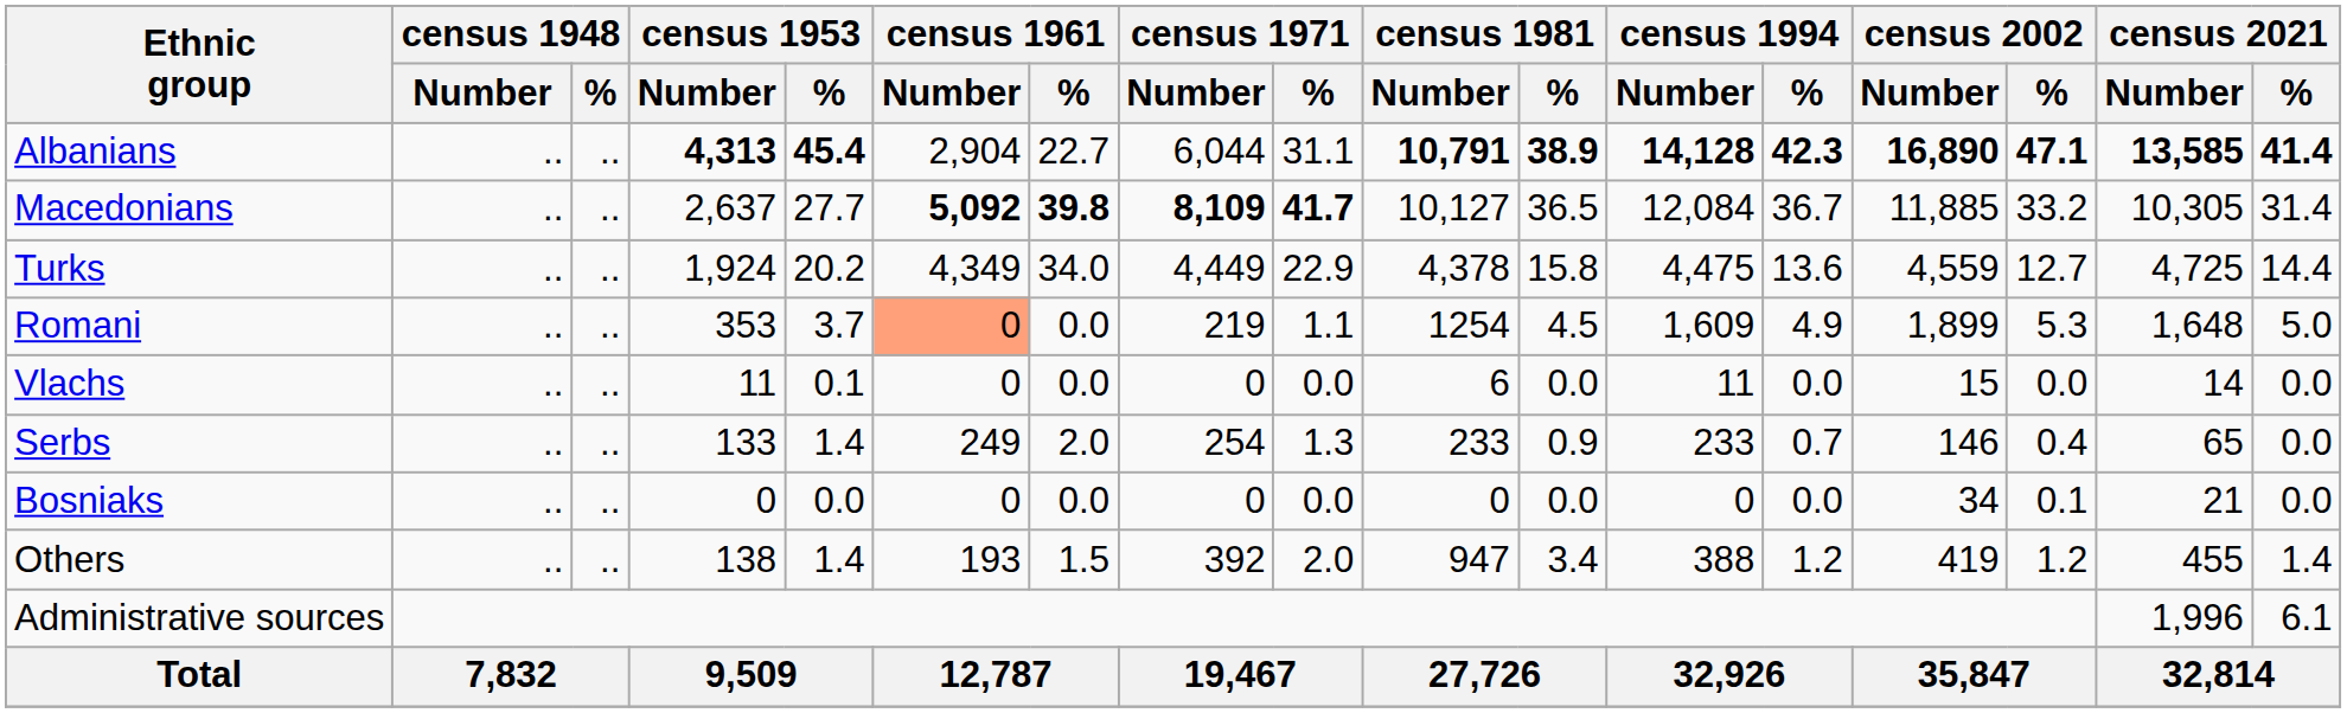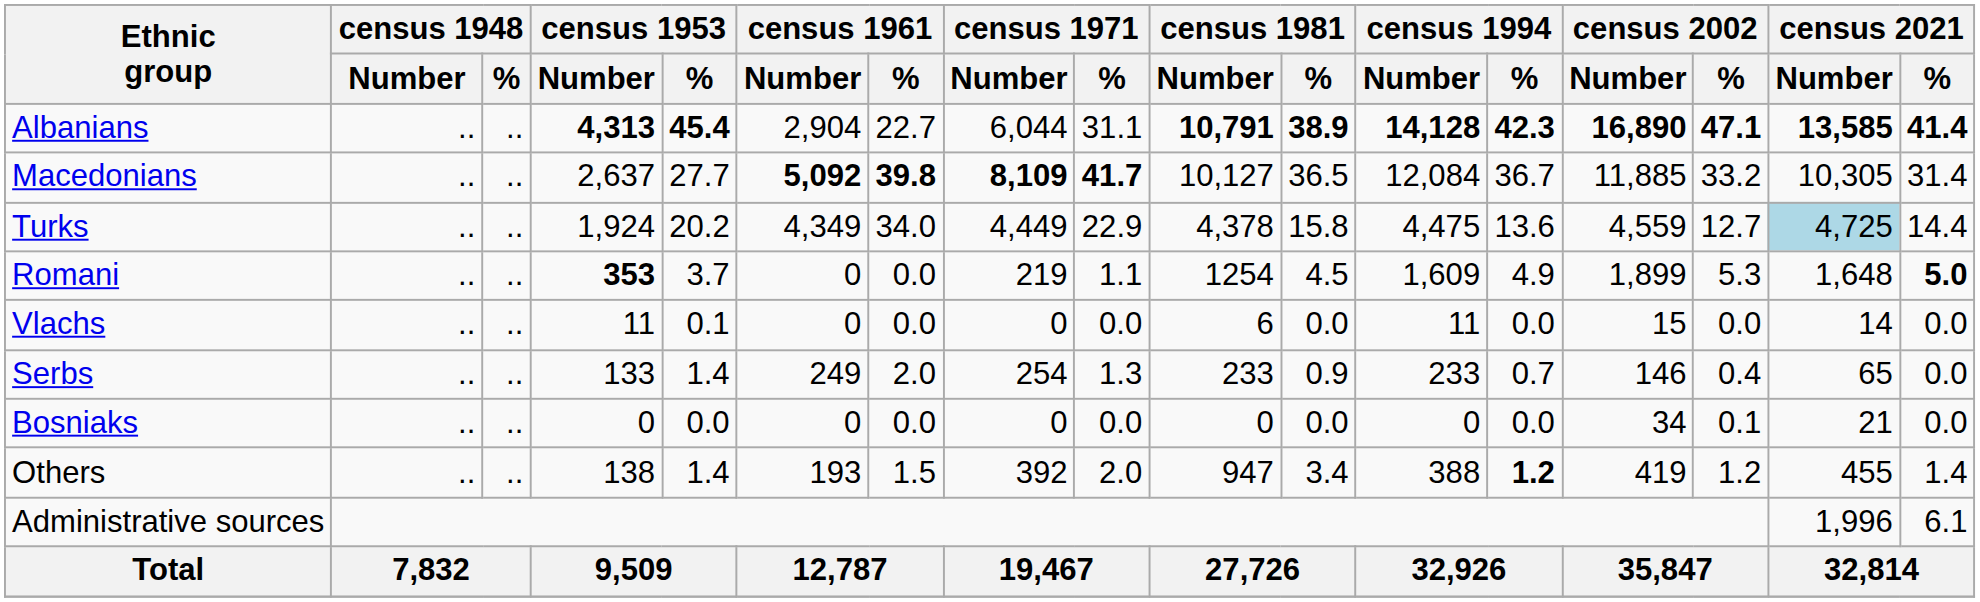 <table class="wikitable">
 <tr bgcolor="#e0e0e0">
 <th rowspan="2">Ethnic<br>group</th>
 <th colspan="2">census 1948</th>
 <th colspan="2">census 1953</th>
 <th colspan="2">census 1961</th>
 <th colspan="2">census 1971</th>
 <th colspan="2">census 1981</th>
 <th colspan="2">census 1994</th>
 <th colspan="2">census 2002</th>
 <th colspan="2">census 2021</th>
 </tr>
 <tr bgcolor="#e0e0e0">
 <th>Number</th>
 <th>%</th>
 <th>Number</th>
 <th>%</th>
 <th>Number</th>
 <th>%</th>
 <th>Number</th>
 <th>%</th>
 <th>Number</th>
 <th>%</th>
 <th>Number</th>
 <th>%</th>
 <th>Number</th>
 <th>%</th>
 <th>Number</th>
 <th>%</th>
 </tr>
 <tr>
 <td><a href='#'>Albanians</a></td>
 <td align="right">..</td>
 <td align="right">..</td>
 <td align="right"><strong>4,313</strong></td>
 <td align="right"><strong>45.4</strong></td>
 <td align="right">2,904</td>
 <td align="right">22.7</td>
 <td align="right">6,044</td>
 <td align="right">31.1</td>
 <td align="right"><strong>10,791</strong></td>
 <td align="right"><strong>38.9</strong></td>
 <td align="right"><strong>14,128</strong></td>
 <td align="right"><strong>42.3</strong></td>
 <td align="right"><strong>16,890</strong></td>
 <td align="right"><strong>47.1</strong></td>
 <td align="right"><strong>13,585</strong></td>
 <td align="right"><strong>41.4</strong></td>
 </tr>
 <tr>
 <td><a href='#'>Macedonians</a></td>
 <td align="right">..</td>
 <td align="right">..</td>
 <td align="right">2,637</td>
 <td align="right">27.7</td>
 <td align="right"><strong>5,092</strong></td>
 <td align="right"><strong>39.8</strong></td>
 <td align="right"><strong>8,109</strong></td>
 <td align="right"><strong>41.7</strong></td>
 <td align="right">10,127</td>
 <td align="right">36.5</td>
 <td align="right">12,084</td>
 <td align="right">36.7</td>
 <td align="right">11,885</td>
 <td align="right">33.2</td>
 <td align="right">10,305</td>
 <td align="right">31.4</td>
 </tr>
 <tr>
 <td><a href='#'>Turks</a></td>
 <td align="right">..</td>
 <td align="right">..</td>
 <td align="right">1,924</td>
 <td align="right">20.2</td>
 <td align="right">4,349</td>
 <td align="right">34.0</td>
 <td align="right">4,449</td>
 <td align="right">22.9</td>
 <td align="right">4,378</td>
 <td align="right">15.8</td>
 <td align="right">4,475</td>
 <td align="right">13.6</td>
 <td align="right">4,559</td>
 <td align="right">12.7</td>
-<td align="right">4,725</td>
+<td align="right" style="background: lightblue;">4,725</td>
 <td align="right">14.4</td>
 </tr>
 <tr>
 <td><a href='#'>Romani</a></td>
 <td align="right">..</td>
 <td align="right">..</td>
-<td align="right">353</td>
+<td align="right"><strong>353</strong></td>
 <td align="right">3.7</td>
-<td align="right" style="background: lightsalmon;">0</td>
+<td align="right">0</td>
 <td align="right">0.0</td>
 <td align="right">219</td>
 <td align="right">1.1</td>
 <td align="right">1254</td>
 <td align="right">4.5</td>
 <td align="right">1,609</td>
 <td align="right">4.9</td>
 <td align="right">1,899</td>
 <td align="right">5.3</td>
 <td align="right">1,648</td>
-<td align="right">5.0</td>
+<td align="right"><strong>5.0</strong></td>
 </tr>
 <tr>
 <td><a href='#'>Vlachs</a></td>
 <td align="right">..</td>
 <td align="right">..</td>
 <td align="right">11</td>
 <td align="right">0.1</td>
 <td align="right">0</td>
 <td align="right">0.0</td>
 <td align="right">0</td>
 <td align="right">0.0</td>
 <td align="right">6</td>
 <td align="right">0.0</td>
 <td align="right">11</td>
 <td align="right">0.0</td>
 <td align="right">15</td>
 <td align="right">0.0</td>
 <td align="right">14</td>
 <td align="right">0.0</td>
 </tr>
 <tr>
 <td><a href='#'>Serbs</a></td>
 <td align="right">..</td>
 <td align="right">..</td>
 <td align="right">133</td>
 <td align="right">1.4</td>
 <td align="right">249</td>
 <td align="right">2.0</td>
 <td align="right">254</td>
 <td align="right">1.3</td>
 <td align="right">233</td>
 <td align="right">0.9</td>
 <td align="right">233</td>
 <td align="right">0.7</td>
 <td align="right">146</td>
 <td align="right">0.4</td>
 <td align="right">65</td>
 <td align="right">0.0</td>
 </tr>
 <tr>
 <td><a href='#'>Bosniaks</a></td>
 <td align="right">..</td>
 <td align="right">..</td>
 <td align="right">0</td>
 <td align="right">0.0</td>
 <td align="right">0</td>
 <td align="right">0.0</td>
 <td align="right">0</td>
 <td align="right">0.0</td>
 <td align="right">0</td>
 <td align="right">0.0</td>
 <td align="right">0</td>
 <td align="right">0.0</td>
 <td align="right">34</td>
 <td align="right">0.1</td>
 <td align="right">21</td>
 <td align="right">0.0</td>
 </tr>
 <tr>
 <td>Others</td>
 <td align="right">..</td>
 <td align="right">..</td>
 <td align="right">138</td>
 <td align="right">1.4</td>
 <td align="right">193</td>
 <td align="right">1.5</td>
 <td align="right">392</td>
 <td align="right">2.0</td>
 <td align="right">947</td>
 <td align="right">3.4</td>
 <td align="right">388</td>
-<td align="right">1.2</td>
+<td align="right"><strong>1.2</strong></td>
 <td align="right">419</td>
 <td align="right">1.2</td>
 <td align="right">455</td>
 <td align="right">1.4</td>
 </tr>
 <tr>
 <td>Administrative sources</td>
 <td colspan="14"></td>
 <td align="right">1,996</td>
 <td align="right">6.1</td>
 </tr>
 <tr bgcolor="#e0e0e0">
 <th align="left">Total</th>
 <th colspan="2">7,832</th>
 <th colspan="2">9,509</th>
 <th colspan="2">12,787</th>
 <th colspan="2">19,467</th>
 <th colspan="2">27,726</th>
 <th colspan="2">32,926</th>
 <th colspan="2">35,847</th>
 <th colspan="2">32,814</th>
 </tr>
 <tr>
 </tr>
 </table>
